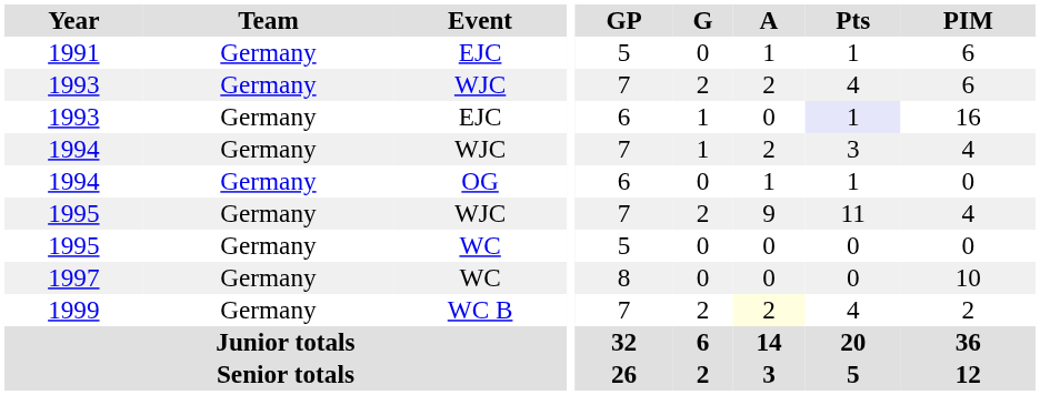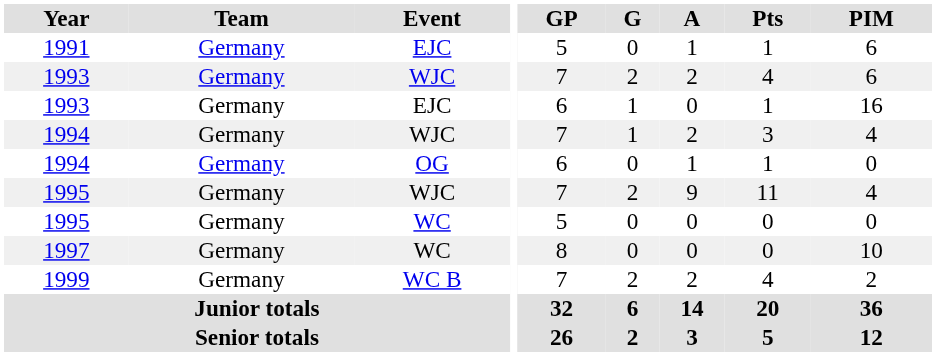 <table border="0" cellpadding="1" cellspacing="0" ID="Table3" style="text-align:center; width:40em">
 <tr ALIGN="center" bgcolor="#e0e0e0">
 <th>Year</th>
 <th>Team</th>
 <th>Event</th>
 <th rowspan="99" bgcolor="#ffffff"></th>
 <th>GP</th>
 <th>G</th>
 <th>A</th>
 <th>Pts</th>
 <th>PIM</th>
 </tr>
 <tr>
 <td><a href='#'>1991</a></td>
 <td><a href='#'>Germany</a></td>
 <td><a href='#'>EJC</a></td>
 <td>5</td>
 <td>0</td>
 <td>1</td>
 <td>1</td>
 <td>6</td>
 </tr>
 <tr bgcolor="#f0f0f0">
 <td><a href='#'>1993</a></td>
 <td><a href='#'>Germany</a></td>
 <td><a href='#'>WJC</a></td>
 <td>7</td>
 <td>2</td>
 <td>2</td>
 <td>4</td>
 <td>6</td>
 </tr>
 <tr>
 <td><a href='#'>1993</a></td>
 <td>Germany</td>
 <td>EJC</td>
 <td>6</td>
 <td>1</td>
 <td>0</td>
-<td style="background: lavender;">1</td>
+<td>1</td>
 <td>16</td>
 </tr>
 <tr bgcolor="#f0f0f0">
 <td><a href='#'>1994</a></td>
 <td>Germany</td>
 <td>WJC</td>
 <td>7</td>
 <td>1</td>
 <td>2</td>
 <td>3</td>
 <td>4</td>
 </tr>
 <tr>
 <td><a href='#'>1994</a></td>
 <td><a href='#'>Germany</a></td>
 <td><a href='#'>OG</a></td>
 <td>6</td>
 <td>0</td>
 <td>1</td>
 <td>1</td>
 <td>0</td>
 </tr>
 <tr bgcolor="#f0f0f0">
 <td><a href='#'>1995</a></td>
 <td>Germany</td>
 <td>WJC</td>
 <td>7</td>
 <td>2</td>
 <td>9</td>
 <td>11</td>
 <td>4</td>
 </tr>
 <tr>
 <td><a href='#'>1995</a></td>
 <td>Germany</td>
 <td><a href='#'>WC</a></td>
 <td>5</td>
 <td>0</td>
 <td>0</td>
 <td>0</td>
 <td>0</td>
 </tr>
 <tr bgcolor="#f0f0f0">
 <td><a href='#'>1997</a></td>
 <td>Germany</td>
 <td>WC</td>
 <td>8</td>
 <td>0</td>
 <td>0</td>
 <td>0</td>
 <td>10</td>
 </tr>
 <tr>
 <td><a href='#'>1999</a></td>
 <td>Germany</td>
 <td><a href='#'>WC B</a></td>
 <td>7</td>
 <td>2</td>
-<td style="background: lightyellow;">2</td>
+<td>2</td>
 <td>4</td>
 <td>2</td>
 </tr>
 <tr bgcolor="#e0e0e0">
 <th colspan="3">Junior totals</th>
 <th>32</th>
 <th>6</th>
 <th>14</th>
 <th>20</th>
 <th>36</th>
 </tr>
 <tr bgcolor="#e0e0e0">
 <th colspan="3">Senior totals</th>
 <th>26</th>
 <th>2</th>
 <th>3</th>
 <th>5</th>
 <th>12</th>
 </tr>
 </table>
